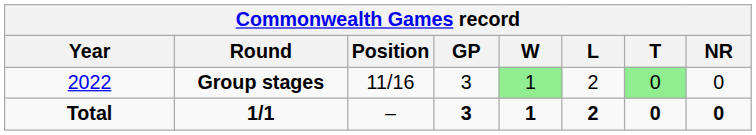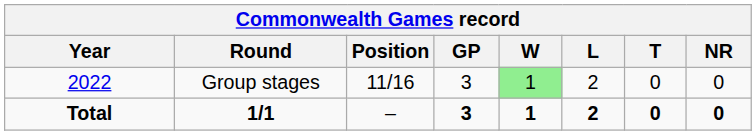 <table class="wikitable" style="text-align: center; width=900px;">
 <tr>
 <th colspan=9><a href='#'>Commonwealth Games</a> record</th>
 </tr>
 <tr>
 <th width=150>Year</th>
 <th width=150>Round</th>
 <th width=50>Position</th>
 <th width=50>GP</th>
 <th width=50>W</th>
 <th width=50>L</th>
 <th width=50>T</th>
 <th width=50>NR</th>
 </tr>
 <tr>
 <td> <a href='#'>2022</a></td>
-<td><strong>Group stages</strong></td>
+<td>Group stages</td>
 <td>11/16</td>
 <td>3</td>
 <td style="background: lightgreen;">1</td>
 <td>2</td>
-<td style="background: lightgreen;">0</td>
+<td>0</td>
 <td>0</td>
 </tr>
 <tr>
 <td><strong>Total</strong></td>
 <td><strong>1/1</strong></td>
 <td>–</td>
 <td><strong>3</strong></td>
 <td><strong>1</strong></td>
 <td><strong>2</strong></td>
 <td><strong>0</strong></td>
 <td><strong>0</strong></td>
 </tr>
 </table>
